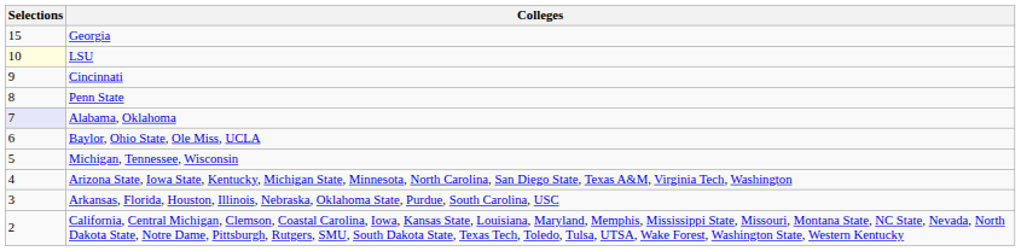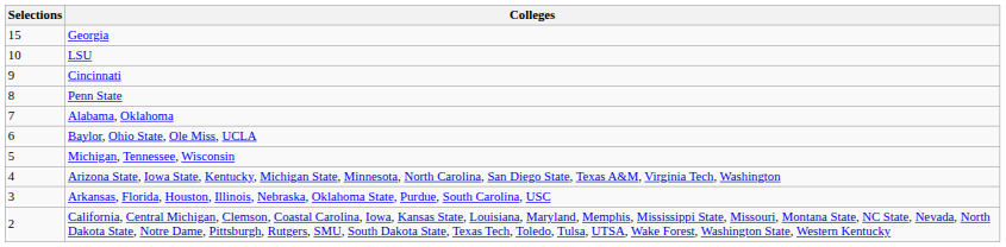 <table class="wikitable ">
 <tr>
 <th>Selections</th>
 <th>Colleges</th>
 </tr>
 <tr>
 <td>15</td>
 <td><a href='#'>Georgia</a></td>
 </tr>
 <tr>
-<td style="background: lightyellow;">10</td>
+<td>10</td>
 <td><a href='#'>LSU</a></td>
 </tr>
 <tr>
 <td>9</td>
 <td><a href='#'>Cincinnati</a></td>
 </tr>
 <tr>
 <td>8</td>
 <td><a href='#'>Penn State</a></td>
 </tr>
 <tr>
-<td style="background: lavender;">7</td>
+<td>7</td>
 <td><a href='#'>Alabama</a>, <a href='#'>Oklahoma</a></td>
 </tr>
 <tr>
 <td>6</td>
 <td><a href='#'>Baylor</a>,  <a href='#'>Ohio State</a>, <a href='#'>Ole Miss</a>, <a href='#'>UCLA</a></td>
 </tr>
 <tr>
 <td>5</td>
 <td><a href='#'>Michigan</a>,  <a href='#'>Tennessee</a>, <a href='#'>Wisconsin</a></td>
 </tr>
 <tr>
 <td>4</td>
 <td><a href='#'>Arizona State</a>, <a href='#'>Iowa State</a>, <a href='#'>Kentucky</a>, <a href='#'>Michigan State</a>, <a href='#'>Minnesota</a>, <a href='#'>North Carolina</a>, <a href='#'>San Diego State</a>, <a href='#'>Texas A&M</a>, <a href='#'>Virginia Tech</a>, <a href='#'>Washington</a></td>
 </tr>
 <tr>
 <td>3</td>
 <td><a href='#'>Arkansas</a>, <a href='#'>Florida</a>, <a href='#'>Houston</a>, <a href='#'>Illinois</a>, <a href='#'>Nebraska</a>, <a href='#'>Oklahoma State</a>, <a href='#'>Purdue</a>, <a href='#'>South Carolina</a>, <a href='#'>USC</a></td>
 </tr>
 <tr>
 <td>2</td>
 <td><a href='#'>California</a>, <a href='#'>Central Michigan</a>, <a href='#'>Clemson</a>, <a href='#'>Coastal Carolina</a>, <a href='#'>Iowa</a>,  <a href='#'>Kansas State</a>, <a href='#'>Louisiana</a>, <a href='#'>Maryland</a>, <a href='#'>Memphis</a>, <a href='#'>Mississippi State</a>, <a href='#'>Missouri</a>, <a href='#'>Montana State</a>, <a href='#'>NC State</a>, <a href='#'>Nevada</a>, <a href='#'>North Dakota State</a>, <a href='#'>Notre Dame</a>, <a href='#'>Pittsburgh</a>, <a href='#'>Rutgers</a>, <a href='#'>SMU</a>, <a href='#'>South Dakota State</a>, <a href='#'>Texas Tech</a>, <a href='#'>Toledo</a>, <a href='#'>Tulsa</a>, <a href='#'>UTSA</a>, <a href='#'>Wake Forest</a>, <a href='#'>Washington State</a>, <a href='#'>Western Kentucky</a></td>
 </tr>
 </table>
